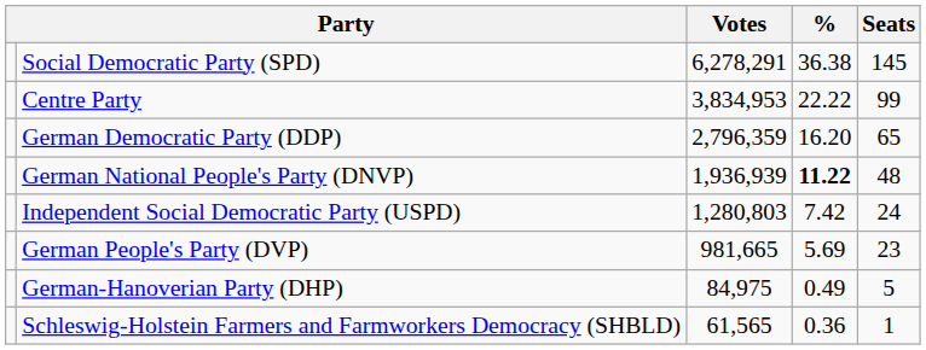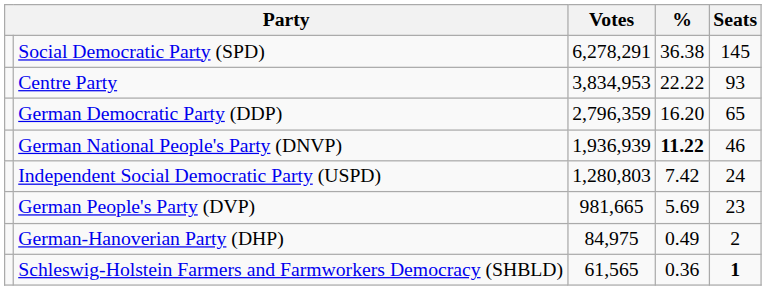 <table class="wikitable" style="text-align:center">
 <tr>
 <th colspan="2">Party</th>
 <th>Votes</th>
 <th>%</th>
 <th>Seats</th>
 </tr>
 <tr>
 <td></td>
 <td align="left"><a href='#'>Social Democratic Party</a> (SPD)</td>
 <td>6,278,291</td>
 <td>36.38</td>
 <td>145</td>
 </tr>
 <tr>
 <td></td>
 <td align="left"><a href='#'>Centre Party</a></td>
 <td>3,834,953</td>
 <td>22.22</td>
-<td>99</td>
+<td>93</td>
 </tr>
 <tr>
 <td></td>
 <td align="left"><a href='#'>German Democratic Party</a> (DDP)</td>
 <td>2,796,359</td>
 <td>16.20</td>
 <td>65</td>
 </tr>
 <tr>
 <td></td>
 <td align="left"><a href='#'>German National People's Party</a> (DNVP)</td>
 <td>1,936,939</td>
 <td><strong>11.22</strong></td>
-<td>48</td>
+<td>46</td>
 </tr>
 <tr>
 <td></td>
 <td align="left"><a href='#'>Independent Social Democratic Party</a> (USPD)</td>
 <td>1,280,803</td>
 <td>7.42</td>
 <td>24</td>
 </tr>
 <tr>
 <td></td>
 <td align="left"><a href='#'>German People's Party</a> (DVP)</td>
 <td>981,665</td>
 <td>5.69</td>
 <td>23</td>
 </tr>
 <tr>
 <td></td>
 <td align="left"><a href='#'>German-Hanoverian Party</a> (DHP)</td>
 <td>84,975</td>
 <td>0.49</td>
-<td>5</td>
+<td>2</td>
 </tr>
 <tr>
 <td></td>
 <td align="left"><a href='#'>Schleswig-Holstein Farmers and Farmworkers Democracy</a> (SHBLD)</td>
 <td>61,565</td>
 <td>0.36</td>
-<td>1</td>
+<td><strong>1</strong></td>
 </tr>
 </table>
